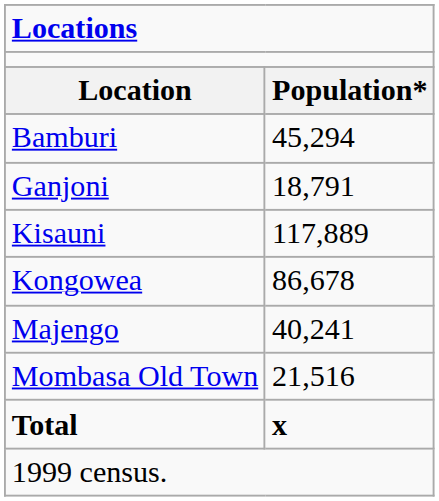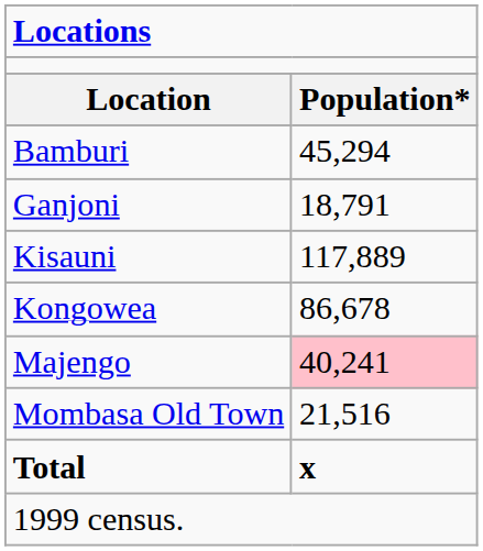 <table class="wikitable">
 <tr>
 <td colspan="2"><strong><a href='#'>Locations</a></strong></td>
 </tr>
 <tr>
 <td colspan="2"></td>
 </tr>
 <tr>
 <th>Location</th>
 <th>Population*</th>
 </tr>
 <tr>
 <td><a href='#'>Bamburi</a></td>
 <td>45,294</td>
 </tr>
 <tr>
 <td><a href='#'>Ganjoni</a></td>
 <td>18,791</td>
 </tr>
 <tr>
 <td><a href='#'>Kisauni</a></td>
 <td>117,889</td>
 </tr>
 <tr>
 <td><a href='#'>Kongowea</a></td>
 <td>86,678</td>
 </tr>
 <tr>
 <td><a href='#'>Majengo</a></td>
-<td>40,241</td>
+<td style="background: pink;">40,241</td>
 </tr>
 <tr>
 <td><a href='#'>Mombasa Old Town</a></td>
 <td>21,516</td>
 </tr>
 <tr>
 <td><strong>Total</strong></td>
 <td><strong>x</strong></td>
 </tr>
 <tr>
 <td colspan="2">1999 census.</td>
 </tr>
 </table>
